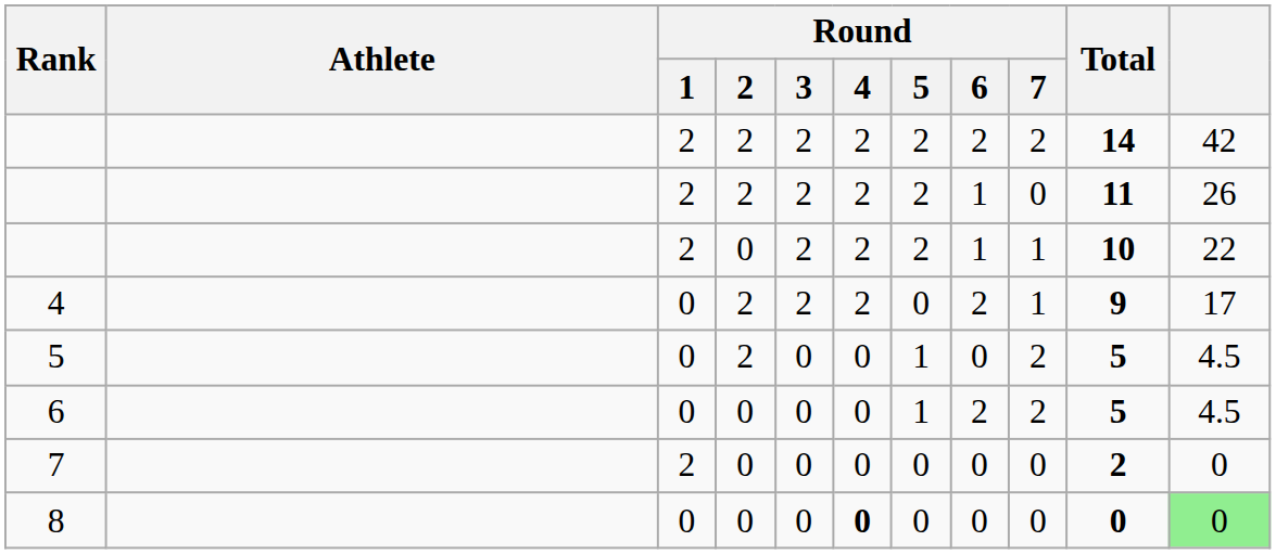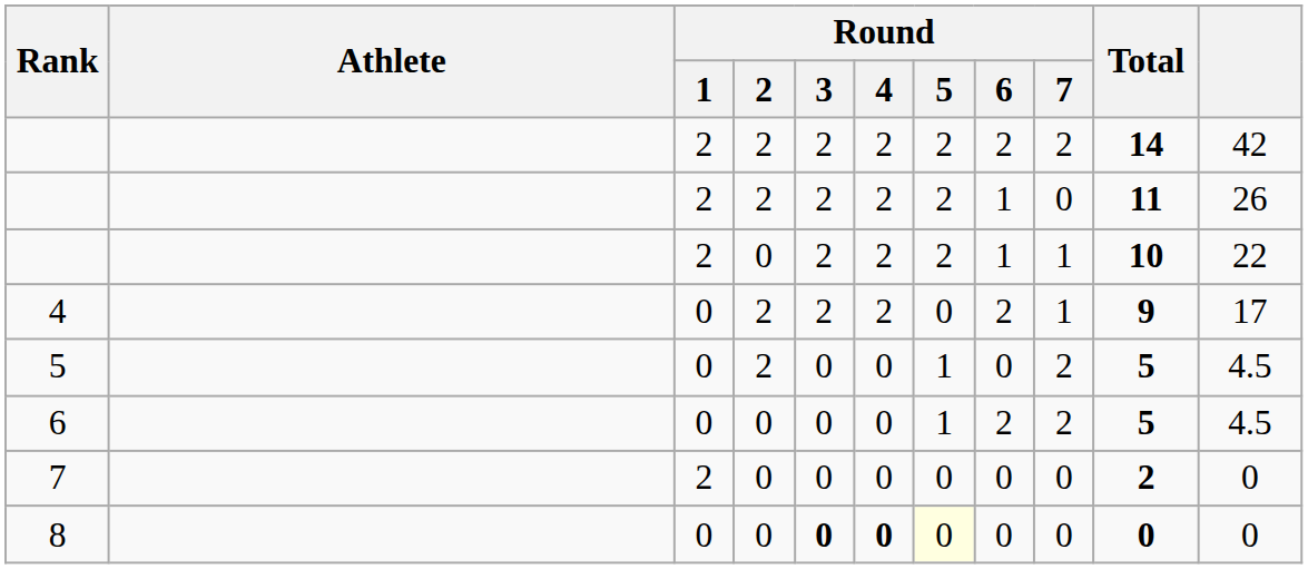 <table class=wikitable style="text-align:center">
 <tr>
 <th rowspan="2" width=40>Rank</th>
 <th rowspan="2" width=250>Athlete</th>
 <th colspan="7">Round</th>
 <th rowspan="2" width=40>Total</th>
 <th rowspan="2" width=40></th>
 </tr>
 <tr>
 <th width=20>1</th>
 <th width=20>2</th>
 <th width=20>3</th>
 <th width=20>4</th>
 <th width=20>5</th>
 <th width=20>6</th>
 <th width=20>7</th>
 </tr>
 <tr>
 <td></td>
 <td align=left></td>
 <td>2</td>
 <td>2</td>
 <td>2</td>
 <td>2</td>
 <td>2</td>
 <td>2</td>
 <td>2</td>
 <td><strong>14</strong></td>
 <td>42</td>
 </tr>
 <tr>
 <td></td>
 <td align=left></td>
 <td>2</td>
 <td>2</td>
 <td>2</td>
 <td>2</td>
 <td>2</td>
 <td>1</td>
 <td>0</td>
 <td><strong>11</strong></td>
 <td>26</td>
 </tr>
 <tr>
 <td></td>
 <td align=left></td>
 <td>2</td>
 <td>0</td>
 <td>2</td>
 <td>2</td>
 <td>2</td>
 <td>1</td>
 <td>1</td>
 <td><strong>10</strong></td>
 <td>22</td>
 </tr>
 <tr>
 <td>4</td>
 <td align=left></td>
 <td>0</td>
 <td>2</td>
 <td>2</td>
 <td>2</td>
 <td>0</td>
 <td>2</td>
 <td>1</td>
 <td><strong>9</strong></td>
 <td>17</td>
 </tr>
 <tr>
 <td>5</td>
 <td align=left></td>
 <td>0</td>
 <td>2</td>
 <td>0</td>
 <td>0</td>
 <td>1</td>
 <td>0</td>
 <td>2</td>
 <td><strong>5</strong></td>
 <td>4.5</td>
 </tr>
 <tr>
 <td>6</td>
 <td align=left></td>
 <td>0</td>
 <td>0</td>
 <td>0</td>
 <td>0</td>
 <td>1</td>
 <td>2</td>
 <td>2</td>
 <td><strong>5</strong></td>
 <td>4.5</td>
 </tr>
 <tr>
 <td>7</td>
 <td align=left></td>
 <td>2</td>
 <td>0</td>
 <td>0</td>
 <td>0</td>
 <td>0</td>
 <td>0</td>
 <td>0</td>
 <td><strong>2</strong></td>
 <td>0</td>
 </tr>
 <tr>
 <td>8</td>
 <td align=left></td>
 <td>0</td>
 <td>0</td>
+<td><strong>0</strong></td>
+<td><strong>0</strong></td>
+<td style="background: lightyellow;">0</td>
+<td>0</td>
 <td>0</td>
 <td><strong>0</strong></td>
 <td>0</td>
-<td>0</td>
-<td>0</td>
-<td><strong>0</strong></td>
-<td style="background: lightgreen;">0</td>
 </tr>
 </table>
